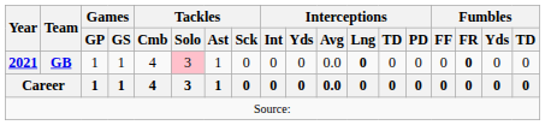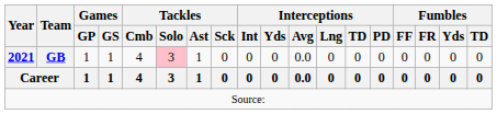 <table class="wikitable" style="text-align:center;">
 <tr>
 <th rowspan="2">Year</th>
 <th rowspan="2">Team</th>
 <th colspan="2">Games</th>
 <th colspan="4">Tackles</th>
 <th colspan="6">Interceptions</th>
 <th colspan="4">Fumbles</th>
 </tr>
 <tr>
 <th>GP</th>
 <th>GS</th>
 <th>Cmb</th>
 <th>Solo</th>
 <th>Ast</th>
 <th>Sck</th>
 <th>Int</th>
 <th>Yds</th>
 <th>Avg</th>
 <th>Lng</th>
 <th>TD</th>
 <th>PD</th>
 <th>FF</th>
 <th>FR</th>
 <th>Yds</th>
 <th>TD</th>
 </tr>
 <tr>
 <th><a href='#'>2021</a></th>
 <th><a href='#'>GB</a></th>
 <td>1</td>
 <td>1</td>
 <td>4</td>
 <td style="background: pink;">3</td>
 <td>1</td>
 <td>0</td>
 <td>0</td>
 <td>0</td>
 <td>0.0</td>
-<td><strong>0</strong></td>
 <td>0</td>
 <td>0</td>
 <td>0</td>
-<td><strong>0</strong></td>
+<td>0</td>
+<td>0</td>
 <td>0</td>
 <td>0</td>
 </tr>
 <tr>
 <th colspan="2">Career</th>
 <th>1</th>
 <th>1</th>
 <th>4</th>
 <th>3</th>
 <th>1</th>
 <th>0</th>
 <th>0</th>
 <th>0</th>
 <th>0.0</th>
 <th>0</th>
 <th>0</th>
 <th>0</th>
 <th>0</th>
 <th>0</th>
 <th>0</th>
 <th>0</th>
 </tr>
 <tr>
 <td colspan="18"><small>Source: </small></td>
 </tr>
 </table>
